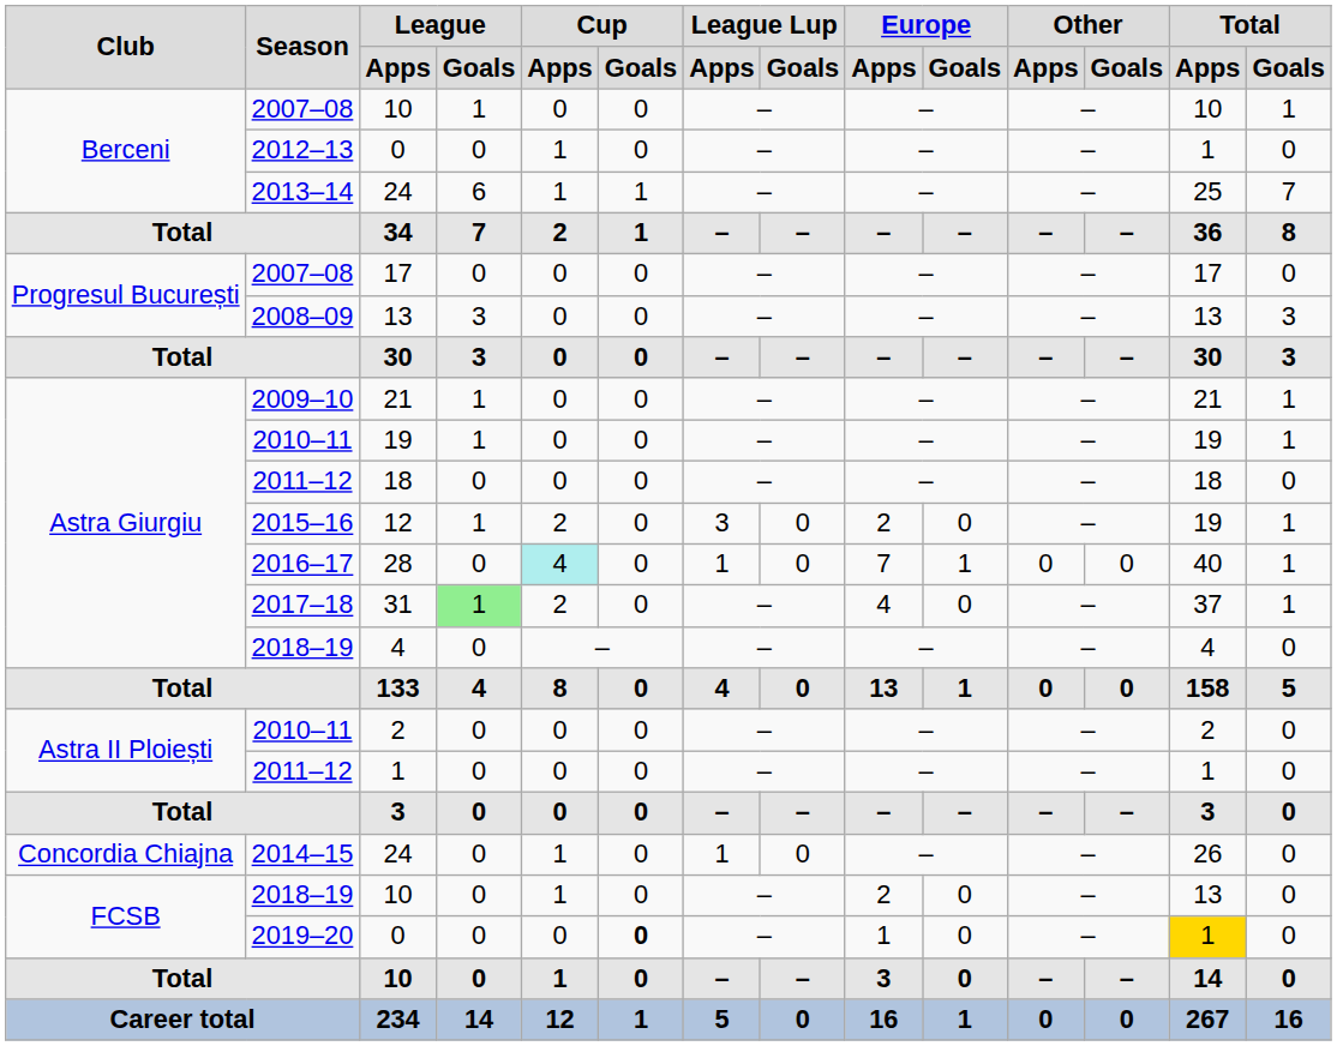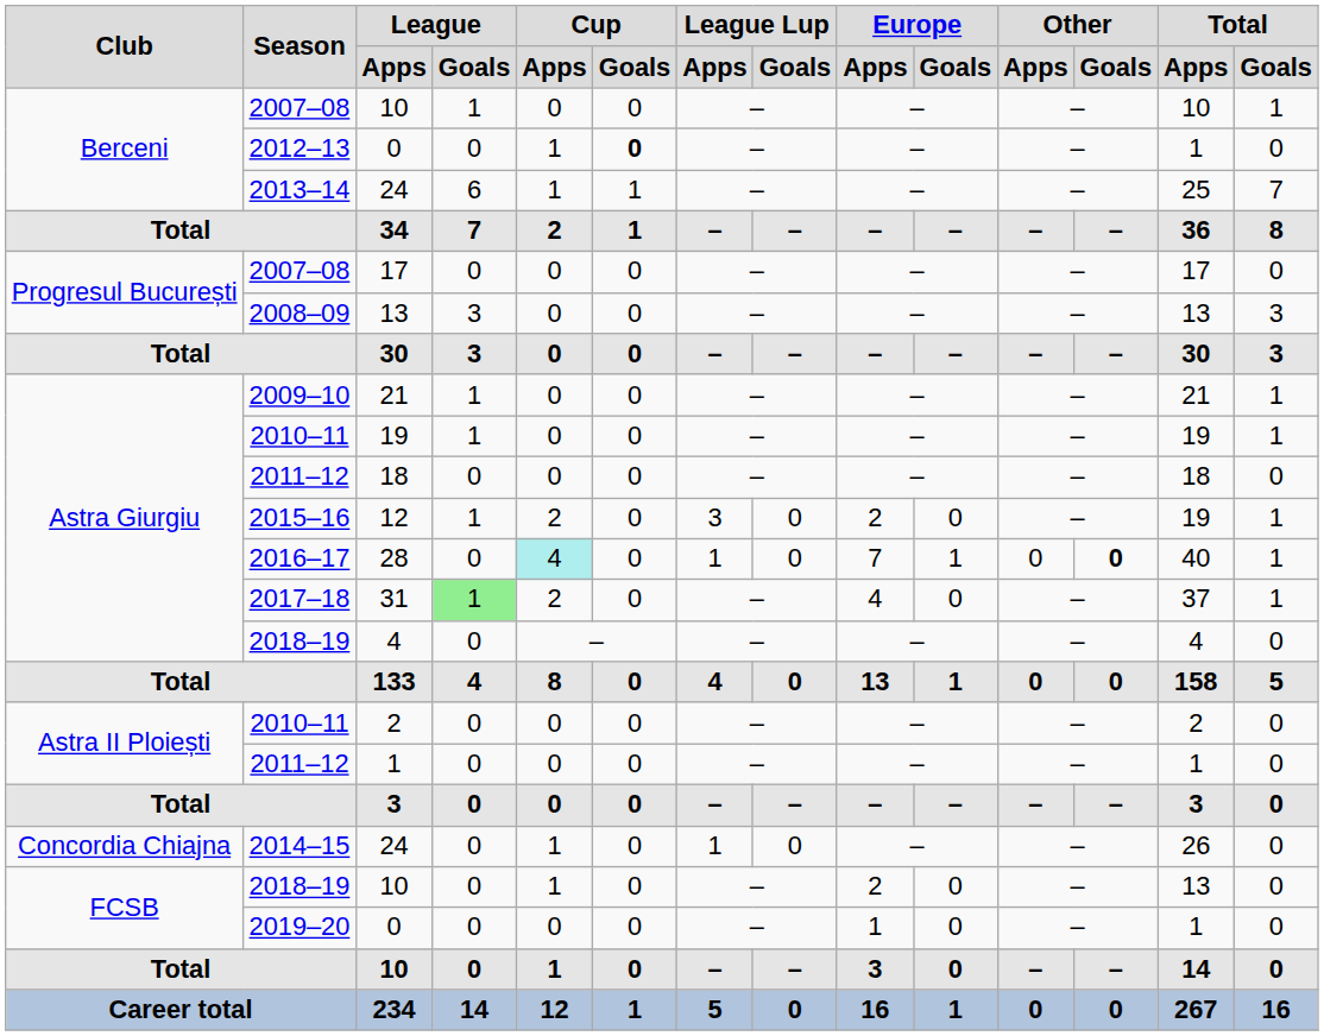 <table class="wikitable" style="text-align: center;">
 <tr>
 <th style="background: #DCDCDC; text-align: center" rowspan="2"><strong>Club</strong></th>
 <th style="background: #DCDCDC; text-align: center" rowspan="2"><strong>Season</strong></th>
 <th style="background: #DCDCDC; text-align: center" colspan="2"><strong>League</strong></th>
 <th style="background: #DCDCDC; text-align: center" colspan="2"><strong>Cup</strong></th>
 <th style="background: #DCDCDC; text-align: center" colspan="2"><strong>League Lup</strong></th>
 <th style="background: #DCDCDC; text-align: center" colspan="2"><a href='#'>Europe</a></th>
 <th style="background: #DCDCDC; text-align: center" colspan="2"><strong>Other</strong></th>
 <th style="background: #DCDCDC; text-align: center" colspan="3"><strong>Total</strong></th>
 </tr>
 <tr>
 <th style="background:#dcdcdc; text-align:center;">Apps</th>
 <th style="background:#dcdcdc; text-align:center;">Goals</th>
 <th style="background:#dcdcdc; text-align:center;">Apps</th>
 <th style="background:#dcdcdc; text-align:center;">Goals</th>
 <th style="background:#dcdcdc; text-align:center;">Apps</th>
 <th style="background:#dcdcdc; text-align:center;">Goals</th>
 <th style="background:#dcdcdc; text-align:center;">Apps</th>
 <th style="background:#dcdcdc; text-align:center;">Goals</th>
 <th style="background:#dcdcdc; text-align:center;">Apps</th>
 <th style="background:#dcdcdc; text-align:center;">Goals</th>
 <th style="background:#dcdcdc; text-align:center;">Apps</th>
 <th style="background:#dcdcdc; text-align:center;">Goals</th>
 </tr>
 <tr>
 <td rowspan="3"><a href='#'>Berceni</a></td>
 <td><a href='#'>2007–08</a></td>
 <td>10</td>
 <td>1</td>
 <td>0</td>
 <td>0</td>
 <td colspan="2">–</td>
 <td colspan="2">–</td>
 <td colspan="2">–</td>
 <td>10</td>
 <td>1</td>
 </tr>
 <tr>
 <td><a href='#'>2012–13</a></td>
 <td>0</td>
 <td>0</td>
 <td>1</td>
-<td>0</td>
+<td><strong>0</strong></td>
 <td colspan="2">–</td>
 <td colspan="2">–</td>
 <td colspan="2">–</td>
 <td>1</td>
 <td>0</td>
 </tr>
 <tr>
 <td><a href='#'>2013–14</a></td>
 <td>24</td>
 <td>6</td>
 <td>1</td>
 <td>1</td>
 <td colspan="2">–</td>
 <td colspan="2">–</td>
 <td colspan="2">–</td>
 <td>25</td>
 <td>7</td>
 </tr>
 <tr>
 <th style="background: #E5E5E5; text-align: center" colspan="2">Total</th>
 <th style="background:#e5e5e5; text-align:center;">34</th>
 <th style="background:#e5e5e5; text-align:center;">7</th>
 <th style="background:#e5e5e5; text-align:center;">2</th>
 <th style="background:#e5e5e5; text-align:center;">1</th>
 <th style="background:#e5e5e5; text-align:center;">–</th>
 <th style="background:#e5e5e5; text-align:center;">–</th>
 <th style="background:#e5e5e5; text-align:center;">–</th>
 <th style="background:#e5e5e5; text-align:center;">–</th>
 <th style="background:#e5e5e5; text-align:center;">–</th>
 <th style="background:#e5e5e5; text-align:center;">–</th>
 <th style="background:#e5e5e5; text-align:center;">36</th>
 <th style="background:#e5e5e5; text-align:center;">8</th>
 </tr>
 <tr>
 <td rowspan="2"><a href='#'>Progresul București</a></td>
 <td><a href='#'>2007–08</a></td>
 <td>17</td>
 <td>0</td>
 <td>0</td>
 <td>0</td>
 <td colspan="2">–</td>
 <td colspan="2">–</td>
 <td colspan="2">–</td>
 <td>17</td>
 <td>0</td>
 </tr>
 <tr>
 <td><a href='#'>2008–09</a></td>
 <td>13</td>
 <td>3</td>
 <td>0</td>
 <td>0</td>
 <td colspan="2">–</td>
 <td colspan="2">–</td>
 <td colspan="2">–</td>
 <td>13</td>
 <td>3</td>
 </tr>
 <tr>
 <th style="background: #E5E5E5; text-align: center" colspan="2">Total</th>
 <th style="background:#e5e5e5; text-align:center;">30</th>
 <th style="background:#e5e5e5; text-align:center;">3</th>
 <th style="background:#e5e5e5; text-align:center;">0</th>
 <th style="background:#e5e5e5; text-align:center;">0</th>
 <th style="background:#e5e5e5; text-align:center;">–</th>
 <th style="background:#e5e5e5; text-align:center;">–</th>
 <th style="background:#e5e5e5; text-align:center;">–</th>
 <th style="background:#e5e5e5; text-align:center;">–</th>
 <th style="background:#e5e5e5; text-align:center;">–</th>
 <th style="background:#e5e5e5; text-align:center;">–</th>
 <th style="background:#e5e5e5; text-align:center;">30</th>
 <th style="background:#e5e5e5; text-align:center;">3</th>
 </tr>
 <tr>
 <td rowspan="7"><a href='#'>Astra Giurgiu</a></td>
 <td><a href='#'>2009–10</a></td>
 <td>21</td>
 <td>1</td>
 <td>0</td>
 <td>0</td>
 <td colspan="2">–</td>
 <td colspan="2">–</td>
 <td colspan="2">–</td>
 <td>21</td>
 <td>1</td>
 </tr>
 <tr>
 <td><a href='#'>2010–11</a></td>
 <td>19</td>
 <td>1</td>
 <td>0</td>
 <td>0</td>
 <td colspan="2">–</td>
 <td colspan="2">–</td>
 <td colspan="2">–</td>
 <td>19</td>
 <td>1</td>
 </tr>
 <tr>
 <td><a href='#'>2011–12</a></td>
 <td>18</td>
 <td>0</td>
 <td>0</td>
 <td>0</td>
 <td colspan="2">–</td>
 <td colspan="2">–</td>
 <td colspan="2">–</td>
 <td>18</td>
 <td>0</td>
 </tr>
 <tr>
 <td><a href='#'>2015–16</a></td>
 <td>12</td>
 <td>1</td>
 <td>2</td>
 <td>0</td>
 <td>3</td>
 <td>0</td>
 <td>2</td>
 <td>0</td>
 <td colspan="2">–</td>
 <td>19</td>
 <td>1</td>
 </tr>
 <tr>
 <td><a href='#'>2016–17</a></td>
 <td>28</td>
 <td>0</td>
 <td style="background: paleturquoise;">4</td>
 <td>0</td>
 <td>1</td>
 <td>0</td>
 <td>7</td>
 <td>1</td>
 <td>0</td>
-<td>0</td>
+<td><strong>0</strong></td>
 <td>40</td>
 <td>1</td>
 </tr>
 <tr>
 <td><a href='#'>2017–18</a></td>
 <td>31</td>
 <td style="background: lightgreen;">1</td>
 <td>2</td>
 <td>0</td>
 <td colspan="2">–</td>
 <td>4</td>
 <td>0</td>
 <td colspan="2">–</td>
 <td>37</td>
 <td>1</td>
 </tr>
 <tr>
 <td><a href='#'>2018–19</a></td>
 <td>4</td>
 <td>0</td>
 <td colspan="2">–</td>
 <td colspan="2">–</td>
 <td colspan="2">–</td>
 <td colspan="2">–</td>
 <td>4</td>
 <td>0</td>
 </tr>
 <tr>
 <th style="background: #E5E5E5; text-align: center" colspan="2">Total</th>
 <th style="background:#e5e5e5; text-align:center;">133</th>
 <th style="background:#e5e5e5; text-align:center;">4</th>
 <th style="background:#e5e5e5; text-align:center;">8</th>
 <th style="background:#e5e5e5; text-align:center;">0</th>
 <th style="background:#e5e5e5; text-align:center;">4</th>
 <th style="background:#e5e5e5; text-align:center;">0</th>
 <th style="background:#e5e5e5; text-align:center;">13</th>
 <th style="background:#e5e5e5; text-align:center;">1</th>
 <th style="background:#e5e5e5; text-align:center;">0</th>
 <th style="background:#e5e5e5; text-align:center;">0</th>
 <th style="background:#e5e5e5; text-align:center;">158</th>
 <th style="background:#e5e5e5; text-align:center;">5</th>
 </tr>
 <tr>
 <td rowspan="2"><a href='#'>Astra II Ploiești</a></td>
 <td><a href='#'>2010–11</a></td>
 <td>2</td>
 <td>0</td>
 <td>0</td>
 <td>0</td>
 <td colspan="2">–</td>
 <td colspan="2">–</td>
 <td colspan="2">–</td>
 <td>2</td>
 <td>0</td>
 </tr>
 <tr>
 <td><a href='#'>2011–12</a></td>
 <td>1</td>
 <td>0</td>
 <td>0</td>
 <td>0</td>
 <td colspan="2">–</td>
 <td colspan="2">–</td>
 <td colspan="2">–</td>
 <td>1</td>
 <td>0</td>
 </tr>
 <tr>
 <th style="background: #E5E5E5; text-align: center" colspan="2">Total</th>
 <th style="background:#e5e5e5; text-align:center;">3</th>
 <th style="background:#e5e5e5; text-align:center;">0</th>
 <th style="background:#e5e5e5; text-align:center;">0</th>
 <th style="background:#e5e5e5; text-align:center;">0</th>
 <th style="background:#e5e5e5; text-align:center;">–</th>
 <th style="background:#e5e5e5; text-align:center;">–</th>
 <th style="background:#e5e5e5; text-align:center;">–</th>
 <th style="background:#e5e5e5; text-align:center;">–</th>
 <th style="background:#e5e5e5; text-align:center;">–</th>
 <th style="background:#e5e5e5; text-align:center;">–</th>
 <th style="background:#e5e5e5; text-align:center;">3</th>
 <th style="background:#e5e5e5; text-align:center;">0</th>
 </tr>
 <tr>
 <td rowspan="1"><a href='#'>Concordia Chiajna</a></td>
 <td><a href='#'>2014–15</a></td>
 <td>24</td>
 <td>0</td>
 <td>1</td>
 <td>0</td>
 <td>1</td>
 <td>0</td>
 <td colspan="2">–</td>
 <td colspan="2">–</td>
 <td>26</td>
 <td>0</td>
 </tr>
 <tr>
 <td rowspan="2"><a href='#'>FCSB</a></td>
 <td><a href='#'>2018–19</a></td>
 <td>10</td>
 <td>0</td>
 <td>1</td>
 <td>0</td>
 <td colspan="2">–</td>
 <td>2</td>
 <td>0</td>
 <td colspan="2">–</td>
 <td>13</td>
 <td>0</td>
 </tr>
 <tr>
 <td><a href='#'>2019–20</a></td>
 <td>0</td>
 <td>0</td>
 <td>0</td>
-<td><strong>0</strong></td>
+<td>0</td>
 <td colspan="2">–</td>
 <td>1</td>
 <td>0</td>
 <td colspan="2">–</td>
-<td style="background: gold;">1</td>
+<td>1</td>
 <td>0</td>
 </tr>
 <tr>
 <th style="background: #E5E5E5; text-align: center" colspan="2">Total</th>
 <th style="background:#e5e5e5; text-align:center;">10</th>
 <th style="background:#e5e5e5; text-align:center;">0</th>
 <th style="background:#e5e5e5; text-align:center;">1</th>
 <th style="background:#e5e5e5; text-align:center;">0</th>
 <th style="background:#e5e5e5; text-align:center;">–</th>
 <th style="background:#e5e5e5; text-align:center;">–</th>
 <th style="background:#e5e5e5; text-align:center;">3</th>
 <th style="background:#e5e5e5; text-align:center;">0</th>
 <th style="background:#e5e5e5; text-align:center;">–</th>
 <th style="background:#e5e5e5; text-align:center;">–</th>
 <th style="background:#e5e5e5; text-align:center;">14</th>
 <th style="background:#e5e5e5; text-align:center;">0</th>
 </tr>
 <tr>
 <th style="background: #b0c4de; text-align: center" colspan="2"><strong>Career total</strong></th>
 <th style="background:#b0c4de; text-align:center;">234</th>
 <th style="background:#b0c4de; text-align:center;">14</th>
 <th style="background:#b0c4de; text-align:center;">12</th>
 <th style="background:#b0c4de; text-align:center;">1</th>
 <th style="background:#b0c4de; text-align:center;">5</th>
 <th style="background:#b0c4de; text-align:center;">0</th>
 <th style="background:#b0c4de; text-align:center;">16</th>
 <th style="background:#b0c4de; text-align:center;">1</th>
 <th style="background:#b0c4de; text-align:center;">0</th>
 <th style="background:#b0c4de; text-align:center;">0</th>
 <th style="background:#b0c4de; text-align:center;">267</th>
 <th style="background:#b0c4de; text-align:center;">16</th>
 </tr>
 </table>
